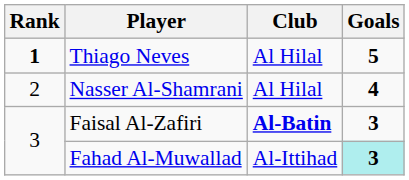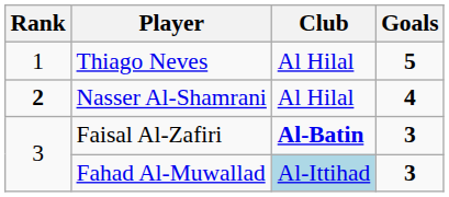 <table class="wikitable sortable" style="text-align:center">
 <tr>
 <th>Rank</th>
 <th>Player</th>
 <th>Club</th>
 <th>Goals</th>
 </tr>
 <tr>
-<td rowspan=1><strong>1</strong></td>
+<td rowspan=1>1</td>
 <td align=left> <a href='#'>Thiago Neves</a></td>
 <td align=left><a href='#'>Al Hilal</a></td>
 <td rowspan=1><strong>5</strong></td>
 </tr>
 <tr>
-<td rowspan=1>2</td>
+<td rowspan=1><strong>2</strong></td>
 <td align=left> <a href='#'>Nasser Al-Shamrani</a></td>
 <td align=left><a href='#'>Al Hilal</a></td>
 <td rowspan=1><strong>4</strong></td>
 </tr>
 <tr>
 <td rowspan=2>3</td>
 <td align=left> Faisal Al-Zafiri</td>
 <td align=left><strong><a href='#'>Al-Batin</a></strong></td>
 <td rowspan=1><strong>3</strong></td>
 </tr>
 <tr>
 <td align=left> <a href='#'>Fahad Al-Muwallad</a></td>
-<td align=left><a href='#'>Al-Ittihad</a></td>
-<td rowspan=1 style="background: paleturquoise;"><strong>3</strong></td>
+<td align=left style="background: lightblue;"><a href='#'>Al-Ittihad</a></td>
+<td rowspan=1><strong>3</strong></td>
 </tr>
 </table>
